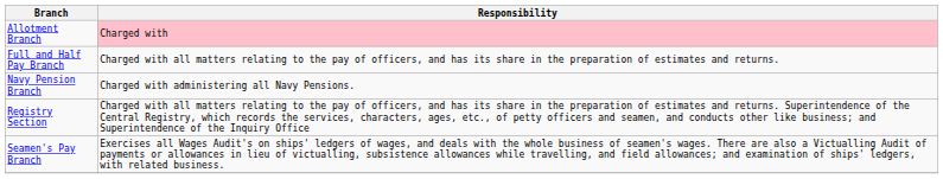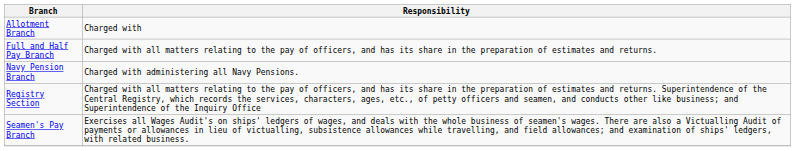 <table class="collapsible wikitable collapsed" style="width: 65%">
 <tr>
 <th>Branch</th>
 <th>Responsibility</th>
 </tr>
 <tr>
 <td><a href='#'>Allotment Branch</a></td>
-<td style="background: pink;">Charged with</td>
+<td>Charged with</td>
 </tr>
 <tr>
 <td><a href='#'>Full and Half Pay Branch</a></td>
 <td>Charged with all matters relating to the pay of officers, and has its share in the preparation of estimates and returns.</td>
 </tr>
 <tr>
 <td><a href='#'>Navy Pension Branch</a></td>
 <td>Charged with administering all Navy Pensions.</td>
 </tr>
 <tr>
 <td><a href='#'>Registry Section</a></td>
 <td>Charged with all matters relating to the pay of officers, and has its share in the preparation of estimates and returns. Superintendence of the Central Registry, which records the services, characters, ages, etc., of petty officers and seamen, and conducts other like business; and Superintendence of the Inquiry Office</td>
 </tr>
 <tr>
 <td><a href='#'>Seamen's Pay Branch</a></td>
 <td>Exercises all Wages Audit's on ships' ledgers of wages, and deals with the whole business of seamen's wages. There are also a Victualling Audit of payments or allowances in lieu of victualling, subsistence allowances while travelling, and field allowances; and examination of ships' ledgers, with related business.</td>
 </tr>
 <tr>
 </tr>
 </table>
